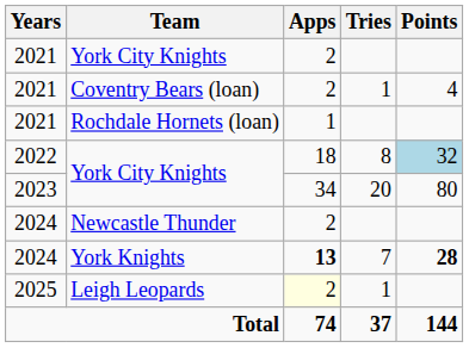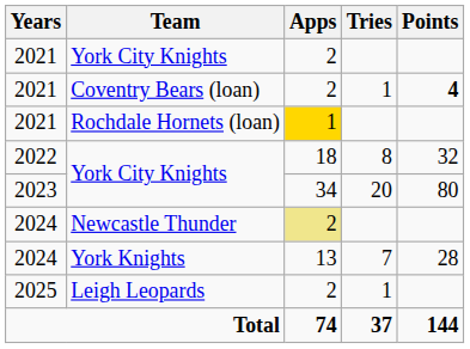 <table class="wikitable">
 <tr>
 <th>Years</th>
 <th>Team</th>
 <th>Apps</th>
 <th>Tries</th>
 <th>Points</th>
 </tr>
 <tr>
 <td align=center>2021</td>
 <td align=left> <a href='#'>York City Knights</a></td>
 <td align=right>2</td>
 <td align=right></td>
 <td align=right></td>
 </tr>
 <tr>
 <td align=center>2021</td>
 <td align=left> <a href='#'>Coventry Bears</a> (loan)</td>
 <td align=right>2</td>
 <td align=right>1</td>
-<td align=right>4</td>
+<td align=right><strong>4</strong></td>
 </tr>
 <tr>
 <td align=center>2021</td>
 <td align=left> <a href='#'>Rochdale Hornets</a> (loan)</td>
-<td align=right>1</td>
+<td align=right style="background: gold;">1</td>
 <td align=right></td>
 <td align=right></td>
 </tr>
 <tr>
 <td align=center>2022</td>
 <td rowspan=2 align=left> <a href='#'>York City Knights</a></td>
 <td align=right>18</td>
 <td align=right>8</td>
-<td align=right style="background: lightblue;">32</td>
+<td align=right>32</td>
 </tr>
 <tr>
 <td align=center>2023</td>
 <td align=right>34</td>
 <td align=right>20</td>
 <td align=right>80</td>
 </tr>
 <tr>
 <td align=center>2024</td>
 <td align=left> <a href='#'>Newcastle Thunder</a></td>
-<td align=right>2</td>
+<td align=right style="background: khaki;">2</td>
 <td align=right></td>
 <td align=right></td>
 </tr>
 <tr>
 <td align=center>2024</td>
 <td align=left> <a href='#'>York Knights</a></td>
-<td align=right><strong>13</strong></td>
+<td align=right>13</td>
 <td align=right>7</td>
-<td align=right><strong>28</strong></td>
+<td align=right>28</td>
 </tr>
 <tr>
 <td align=center>2025</td>
 <td align=left> <a href='#'>Leigh Leopards</a></td>
-<td align=right style="background: lightyellow;">2</td>
+<td align=right>2</td>
 <td align=right>1</td>
 <td align=right></td>
 </tr>
 <tr>
 <td colspan=2 align=right><strong>Total</strong></td>
 <td align=right><strong>74</strong></td>
 <td align=right><strong>37</strong></td>
 <td align=right><strong>144</strong></td>
 </tr>
 </table>
